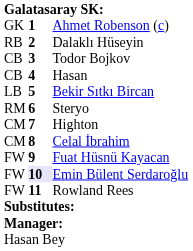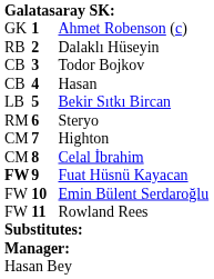 <table style="font-size: 90%" cellspacing="0" cellpadding="0">
 <tr>
 <td colspan="4"><strong>Galatasaray SK:</strong></td>
 </tr>
 <tr>
 <th width="25"></th>
 <th width="25"></th>
 </tr>
 <tr>
 <td>GK</td>
 <td><strong>1</strong></td>
 <td> <a href='#'>Ahmet Robenson</a> (<a href='#'>c</a>)</td>
 </tr>
 <tr>
 <td>RB</td>
 <td><strong>2</strong></td>
 <td> Dalaklı Hüseyin</td>
 </tr>
 <tr>
 <td>CB</td>
 <td><strong>3</strong></td>
 <td> Todor Bojkov</td>
 </tr>
 <tr>
 <td>CB</td>
 <td><strong>4</strong></td>
 <td> Hasan</td>
 </tr>
 <tr>
 <td>LB</td>
 <td><strong>5</strong></td>
 <td> <a href='#'>Bekir Sıtkı Bircan</a></td>
 </tr>
 <tr>
 <td>RM</td>
 <td><strong>6</strong></td>
 <td> Steryo</td>
 </tr>
 <tr>
 <td>CM</td>
 <td><strong>7</strong></td>
 <td> Highton</td>
 </tr>
 <tr>
 <td>CM</td>
 <td><strong>8</strong></td>
 <td> <a href='#'>Celal İbrahim</a></td>
 </tr>
 <tr>
-<td>FW</td>
+<td><strong>FW</strong></td>
 <td><strong>9</strong></td>
 <td> <a href='#'>Fuat Hüsnü Kayacan</a></td>
 </tr>
 <tr>
 <td>FW</td>
-<td style="background: lavender;"><strong>10</strong></td>
+<td><strong>10</strong></td>
 <td> <a href='#'>Emin Bülent Serdaroğlu</a></td>
 </tr>
 <tr>
 <td>FW</td>
 <td><strong>11</strong></td>
 <td> Rowland Rees</td>
 </tr>
 <tr>
 <td colspan=4><strong>Substitutes:</strong></td>
 </tr>
 <tr>
 <td colspan=4><strong>Manager:</strong></td>
 </tr>
 <tr>
 <td colspan="4"> Hasan Bey</td>
 </tr>
 </table>
